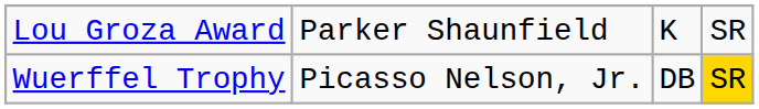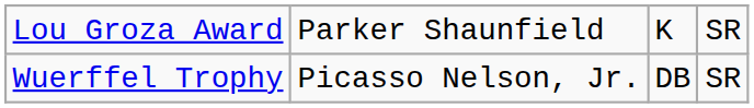 <table class="wikitable">
 <tr>
 <td><a href='#'>Lou Groza Award</a></td>
 <td>Parker Shaunfield</td>
 <td>K</td>
 <td>SR</td>
 </tr>
 <tr>
 <td><a href='#'>Wuerffel Trophy</a></td>
 <td>Picasso Nelson, Jr.</td>
 <td>DB</td>
-<td style="background: gold;">SR</td>
+<td>SR</td>
 </tr>
 </table>
